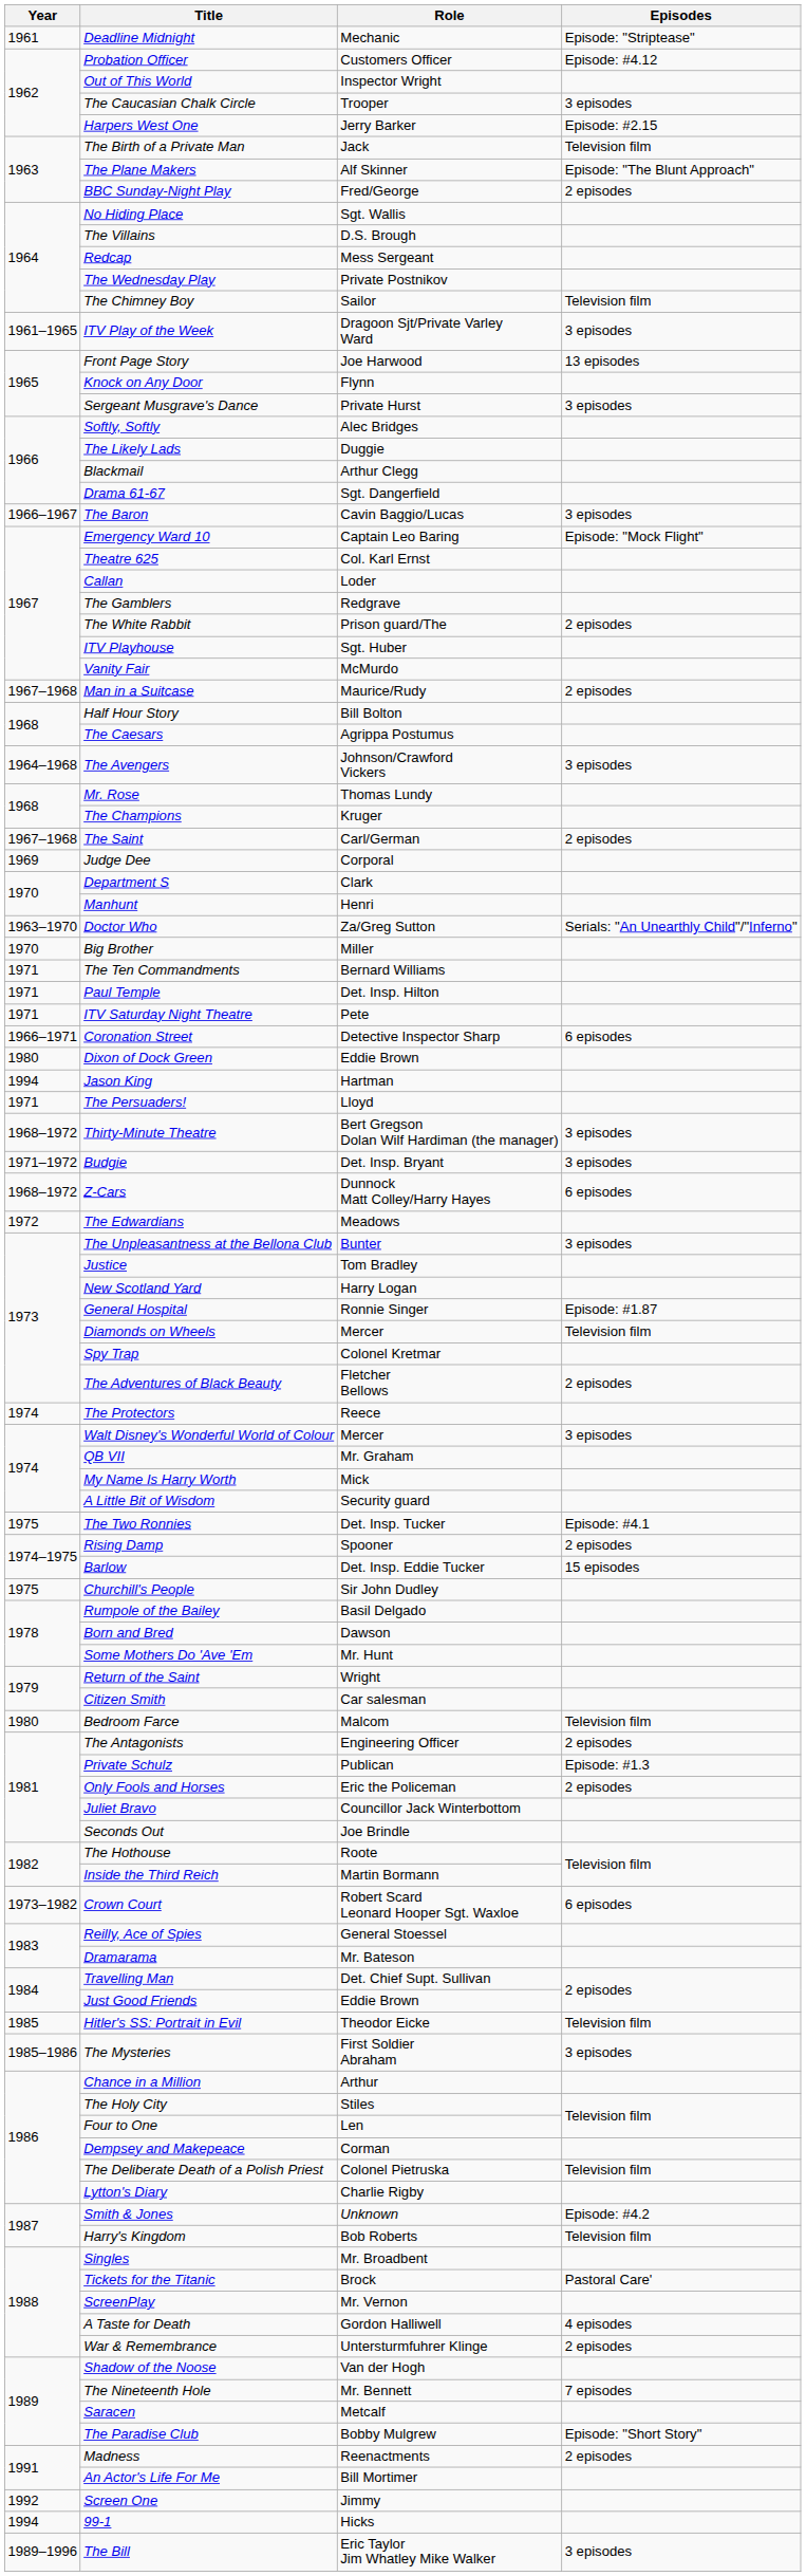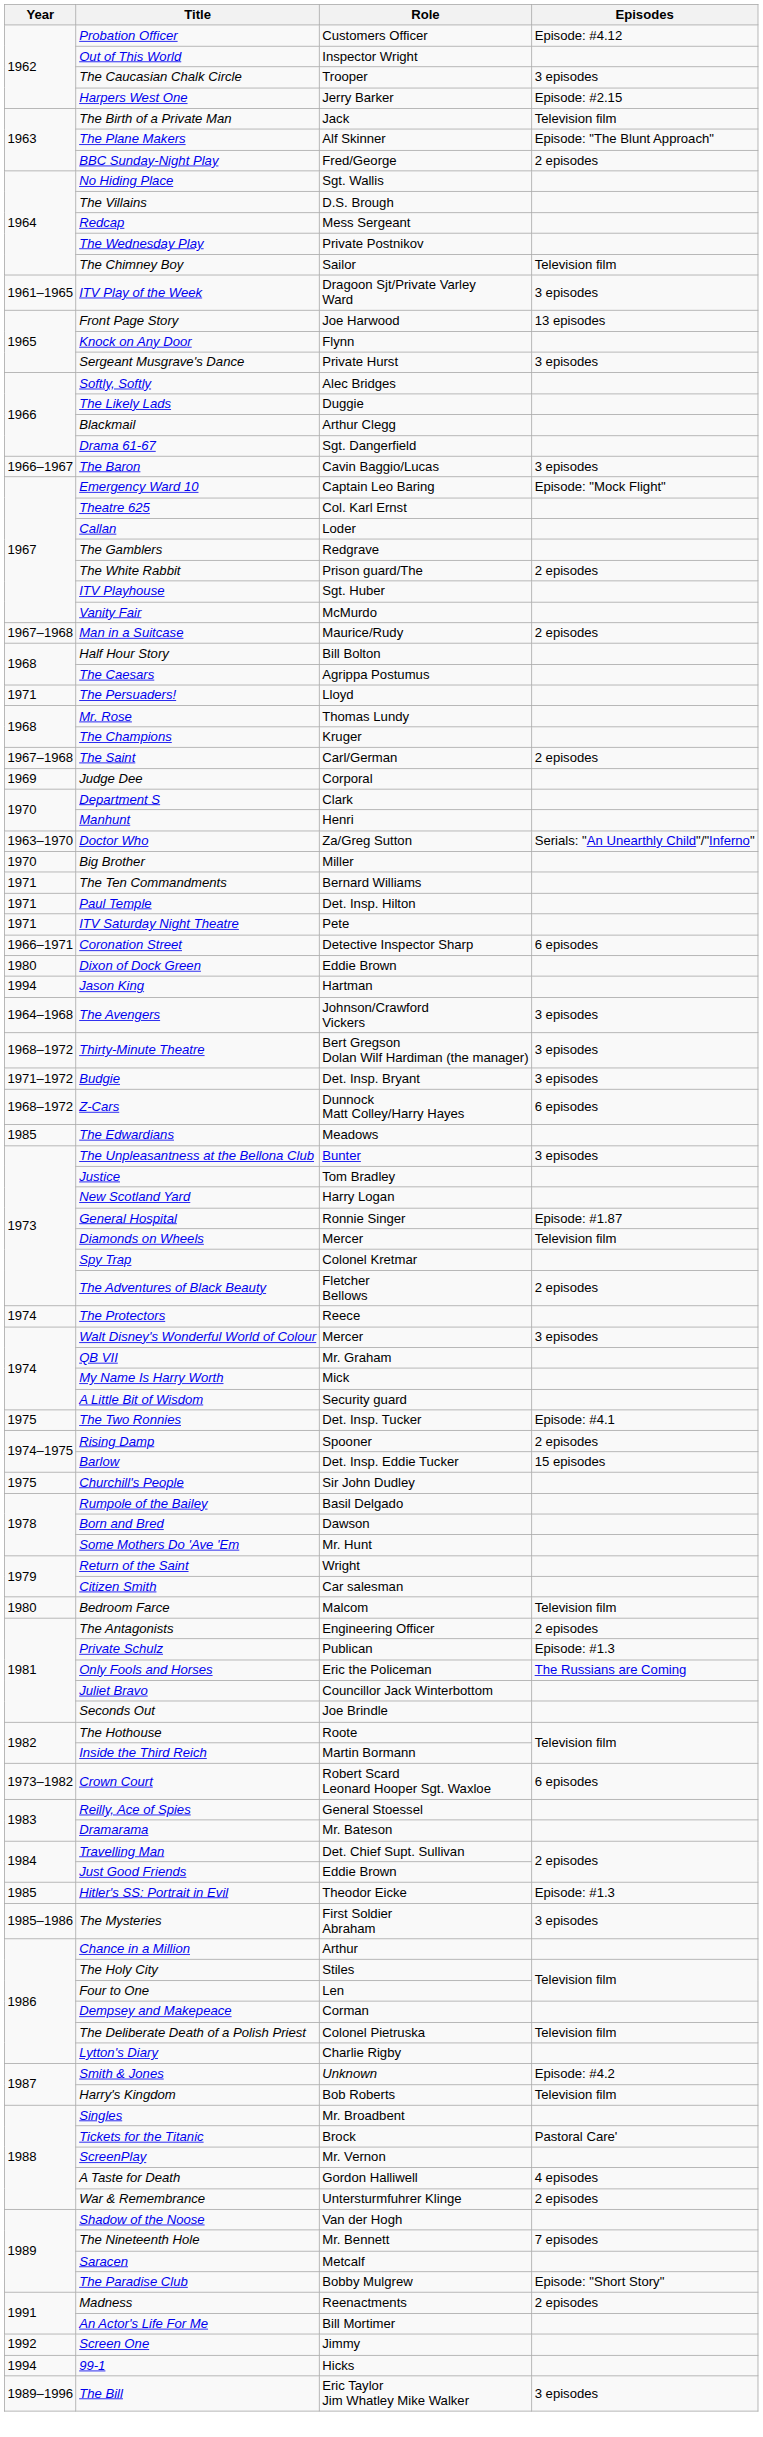 <table class="wikitable sortable jquery-tablesorter">
 <tr>
 <th>Year</th>
 <th>Title</th>
 <th>Role</th>
 <th>Episodes</th>
-</tr>
-<tr>
-<td>1961</td>
-<td><em><a href='#'>Deadline Midnight</a></em></td>
-<td>Mechanic</td>
-<td>Episode: "Striptease"</td>
 </tr>
 <tr>
 <td rowspan="4">1962</td>
 <td><em><a href='#'>Probation Officer</a></em></td>
 <td>Customers Officer</td>
 <td>Episode: #4.12</td>
 </tr>
 <tr>
 <td><em><a href='#'>Out of This World</a></em></td>
 <td>Inspector Wright</td>
 <td></td>
 </tr>
 <tr>
 <td><em>The Caucasian Chalk Circle</em></td>
 <td>Trooper</td>
 <td>3 episodes</td>
 </tr>
 <tr>
 <td><em><a href='#'>Harpers West One</a></em></td>
 <td>Jerry Barker</td>
 <td>Episode: #2.15</td>
 </tr>
 <tr>
 <td rowspan="3">1963</td>
 <td><em>The Birth of a Private Man</em></td>
 <td>Jack</td>
 <td>Television film</td>
 </tr>
 <tr>
 <td><em><a href='#'>The Plane Makers</a></em></td>
 <td>Alf Skinner</td>
 <td>Episode: "The Blunt Approach"</td>
 </tr>
 <tr>
 <td><em><a href='#'>BBC Sunday-Night Play</a></em></td>
 <td>Fred/George</td>
 <td>2 episodes</td>
 </tr>
 <tr>
 <td rowspan="5">1964</td>
 <td><em><a href='#'>No Hiding Place</a></em></td>
 <td>Sgt. Wallis</td>
 <td></td>
 </tr>
 <tr>
 <td><em>The Villains</em></td>
 <td>D.S. Brough</td>
 <td></td>
 </tr>
 <tr>
 <td><em><a href='#'>Redcap</a></em></td>
 <td>Mess Sergeant</td>
 <td></td>
 </tr>
 <tr>
 <td><em><a href='#'>The Wednesday Play</a></em></td>
 <td>Private Postnikov</td>
 <td></td>
 </tr>
 <tr>
 <td><em>The Chimney Boy</em></td>
 <td>Sailor</td>
 <td>Television film</td>
 </tr>
 <tr>
 <td>1961–1965</td>
 <td><em><a href='#'>ITV Play of the Week</a></em></td>
 <td>Dragoon Sjt/Private Varley<br>Ward</td>
 <td>3 episodes</td>
 </tr>
 <tr>
 <td rowspan="3">1965</td>
 <td><em>Front Page Story</em></td>
 <td>Joe Harwood</td>
 <td>13 episodes</td>
 </tr>
 <tr>
 <td><em><a href='#'>Knock on Any Door</a></em></td>
 <td>Flynn</td>
 <td></td>
 </tr>
 <tr>
 <td><em>Sergeant Musgrave's Dance</em></td>
 <td>Private Hurst</td>
 <td>3 episodes</td>
 </tr>
 <tr>
 <td rowspan="4">1966</td>
 <td><em><a href='#'>Softly, Softly</a></em></td>
 <td>Alec Bridges</td>
 <td></td>
 </tr>
 <tr>
 <td><em><a href='#'>The Likely Lads</a></em></td>
 <td>Duggie</td>
 <td></td>
 </tr>
 <tr>
 <td><em>Blackmail</em></td>
 <td>Arthur Clegg</td>
 <td></td>
 </tr>
 <tr>
 <td><em><a href='#'>Drama 61-67</a></em></td>
 <td>Sgt. Dangerfield</td>
 <td></td>
 </tr>
 <tr>
 <td>1966–1967</td>
 <td><em><a href='#'>The Baron</a></em></td>
 <td>Cavin Baggio/Lucas</td>
 <td>3 episodes</td>
 </tr>
 <tr>
 <td rowspan="7">1967</td>
 <td><em><a href='#'>Emergency Ward 10</a></em></td>
 <td>Captain Leo Baring</td>
 <td>Episode: "Mock Flight"</td>
 </tr>
 <tr>
 <td><em><a href='#'>Theatre 625</a></em></td>
 <td>Col. Karl Ernst</td>
 <td></td>
 </tr>
 <tr>
 <td><em><a href='#'>Callan</a></em></td>
 <td>Loder</td>
 <td></td>
 </tr>
 <tr>
 <td><em>The Gamblers</em></td>
 <td>Redgrave</td>
 <td></td>
 </tr>
 <tr>
 <td><em>The White Rabbit</em></td>
 <td>Prison guard/The</td>
 <td>2 episodes</td>
 </tr>
 <tr>
 <td><em><a href='#'>ITV Playhouse</a></em></td>
 <td>Sgt. Huber</td>
 <td></td>
 </tr>
 <tr>
 <td><em><a href='#'>Vanity Fair</a></em></td>
 <td>McMurdo</td>
 <td></td>
 </tr>
 <tr>
 <td>1967–1968</td>
 <td><em><a href='#'>Man in a Suitcase</a></em></td>
 <td>Maurice/Rudy</td>
 <td>2 episodes</td>
 </tr>
 <tr>
 <td rowspan="2">1968</td>
 <td><em>Half Hour Story</em></td>
 <td>Bill Bolton</td>
 <td></td>
 </tr>
 <tr>
 <td><em><a href='#'>The Caesars</a></em></td>
 <td>Agrippa Postumus</td>
 <td></td>
 </tr>
 <tr>
-<td>1964–1968</td>
-<td><em><a href='#'>The Avengers</a></em></td>
-<td>Johnson/Crawford<br>Vickers</td>
-<td>3 episodes</td>
+<td>1971</td>
+<td><em><a href='#'>The Persuaders!</a></em></td>
+<td>Lloyd</td>
+<td></td>
 </tr>
 <tr>
 <td rowspan="2">1968</td>
 <td><em><a href='#'>Mr. Rose</a></em></td>
 <td>Thomas Lundy</td>
 <td></td>
 </tr>
 <tr>
 <td><em><a href='#'>The Champions</a></em></td>
 <td>Kruger</td>
 <td></td>
 </tr>
 <tr>
 <td>1967–1968</td>
 <td><em><a href='#'>The Saint</a></em></td>
 <td>Carl/German</td>
 <td>2 episodes</td>
 </tr>
 <tr>
 <td>1969</td>
 <td><em>Judge Dee</em></td>
 <td>Corporal</td>
 <td></td>
 </tr>
 <tr>
 <td rowspan="2">1970</td>
 <td><em><a href='#'>Department S</a></em></td>
 <td>Clark</td>
 <td></td>
 </tr>
 <tr>
 <td><em><a href='#'>Manhunt</a></em></td>
 <td>Henri</td>
 <td></td>
 </tr>
 <tr>
 <td>1963–1970</td>
 <td><em><a href='#'>Doctor Who</a></em></td>
 <td>Za/Greg Sutton</td>
 <td>Serials: "<a href='#'>An Unearthly Child</a>"/"<a href='#'>Inferno</a>"</td>
 </tr>
 <tr>
 <td>1970</td>
 <td><em>Big Brother</em></td>
 <td>Miller</td>
 <td></td>
 </tr>
 <tr>
 <td>1971</td>
 <td><em>The Ten Commandments</em></td>
 <td>Bernard Williams</td>
 <td></td>
 </tr>
 <tr>
 <td>1971</td>
 <td><em><a href='#'>Paul Temple</a></em></td>
 <td>Det. Insp. Hilton</td>
 <td></td>
 </tr>
 <tr>
 <td>1971</td>
 <td><em><a href='#'>ITV Saturday Night Theatre</a></em></td>
 <td>Pete</td>
 <td></td>
 </tr>
 <tr>
 <td>1966–1971</td>
 <td><em><a href='#'>Coronation Street</a></em></td>
 <td>Detective Inspector Sharp</td>
 <td>6 episodes</td>
 </tr>
 <tr>
 <td>1980</td>
 <td><em><a href='#'>Dixon of Dock Green</a></em></td>
 <td>Eddie Brown</td>
 <td></td>
 </tr>
 <tr>
 <td>1994</td>
 <td><em><a href='#'>Jason King</a></em></td>
 <td>Hartman</td>
 <td></td>
 </tr>
 <tr>
-<td>1971</td>
-<td><em><a href='#'>The Persuaders!</a></em></td>
-<td>Lloyd</td>
-<td></td>
+<td>1964–1968</td>
+<td><em><a href='#'>The Avengers</a></em></td>
+<td>Johnson/Crawford<br>Vickers</td>
+<td>3 episodes</td>
 </tr>
 <tr>
 <td>1968–1972</td>
 <td><em><a href='#'>Thirty-Minute Theatre</a></em></td>
 <td>Bert Gregson<br>Dolan Wilf Hardiman (the manager)</td>
 <td>3 episodes</td>
 </tr>
 <tr>
 <td>1971–1972</td>
 <td><em><a href='#'>Budgie</a></em></td>
 <td>Det. Insp. Bryant</td>
 <td>3 episodes</td>
 </tr>
 <tr>
 <td>1968–1972</td>
 <td><em><a href='#'>Z-Cars</a></em></td>
 <td>Dunnock<br>Matt Colley/Harry Hayes</td>
 <td>6 episodes</td>
 </tr>
 <tr>
-<td>1972</td>
+<td>1985</td>
 <td><em><a href='#'>The Edwardians</a></em></td>
 <td>Meadows</td>
 <td></td>
 </tr>
 <tr>
 <td rowspan="7">1973</td>
 <td><em><a href='#'>The Unpleasantness at the Bellona Club</a></em></td>
 <td><a href='#'>Bunter</a></td>
 <td>3 episodes</td>
 </tr>
 <tr>
 <td><em><a href='#'>Justice</a></em></td>
 <td>Tom Bradley</td>
 <td></td>
 </tr>
 <tr>
 <td><em><a href='#'>New Scotland Yard</a></em></td>
 <td>Harry Logan</td>
 <td></td>
 </tr>
 <tr>
 <td><em><a href='#'>General Hospital</a></em></td>
 <td>Ronnie Singer</td>
 <td>Episode: #1.87</td>
 </tr>
 <tr>
 <td><em><a href='#'>Diamonds on Wheels</a></em></td>
 <td>Mercer</td>
 <td>Television film</td>
 </tr>
 <tr>
 <td><em><a href='#'>Spy Trap</a></em></td>
 <td>Colonel Kretmar</td>
 <td></td>
 </tr>
 <tr>
 <td><em><a href='#'>The Adventures of Black Beauty</a></em></td>
 <td>Fletcher<br>Bellows</td>
 <td>2 episodes</td>
 </tr>
 <tr>
 <td>1974</td>
 <td><em><a href='#'>The Protectors</a></em></td>
 <td>Reece</td>
 <td></td>
 </tr>
 <tr>
 <td rowspan="4">1974</td>
 <td><em><a href='#'>Walt Disney's Wonderful World of Colour</a></em></td>
 <td>Mercer</td>
 <td>3 episodes</td>
 </tr>
 <tr>
 <td><em><a href='#'>QB VII</a></em></td>
 <td>Mr. Graham</td>
 <td></td>
 </tr>
 <tr>
 <td><em><a href='#'>My Name Is Harry Worth</a></em></td>
 <td>Mick</td>
 <td></td>
 </tr>
 <tr>
 <td><em><a href='#'>A Little Bit of Wisdom</a></em></td>
 <td>Security guard</td>
 <td></td>
 </tr>
 <tr>
 <td>1975</td>
 <td><em><a href='#'>The Two Ronnies</a></em></td>
 <td>Det. Insp. Tucker</td>
 <td>Episode: #4.1</td>
 </tr>
 <tr>
 <td rowspan="2">1974–1975</td>
 <td><em><a href='#'>Rising Damp</a></em></td>
 <td>Spooner</td>
 <td>2 episodes</td>
 </tr>
 <tr>
 <td><a href='#'><em>Barlow</em></a></td>
 <td>Det. Insp. Eddie Tucker</td>
 <td>15 episodes</td>
 </tr>
 <tr>
 <td>1975</td>
 <td><em><a href='#'>Churchill's People</a></em></td>
 <td>Sir John Dudley</td>
 <td></td>
 </tr>
 <tr>
 <td rowspan="3">1978</td>
 <td><em><a href='#'>Rumpole of the Bailey</a></em></td>
 <td>Basil Delgado</td>
 <td></td>
 </tr>
 <tr>
 <td><em><a href='#'>Born and Bred</a></em></td>
 <td>Dawson</td>
 <td></td>
 </tr>
 <tr>
 <td><em><a href='#'>Some Mothers Do 'Ave 'Em</a></em></td>
 <td>Mr. Hunt</td>
 <td></td>
 </tr>
 <tr>
 <td rowspan="2">1979</td>
 <td><em><a href='#'>Return of the Saint</a></em></td>
 <td>Wright</td>
 <td></td>
 </tr>
 <tr>
 <td><em><a href='#'>Citizen Smith</a></em></td>
 <td>Car salesman</td>
 <td></td>
 </tr>
 <tr>
 <td>1980</td>
 <td><em>Bedroom Farce</em></td>
 <td>Malcom</td>
 <td>Television film</td>
 </tr>
 <tr>
 <td rowspan="5">1981</td>
 <td><em>The Antagonists</em></td>
 <td>Engineering Officer</td>
 <td>2 episodes</td>
 </tr>
 <tr>
 <td><em><a href='#'>Private Schulz</a></em></td>
 <td>Publican</td>
 <td>Episode: #1.3</td>
 </tr>
 <tr>
 <td><em><a href='#'>Only Fools and Horses</a></em></td>
 <td>Eric the Policeman</td>
-<td>2 episodes</td>
+<td><a href='#'>The Russians are Coming</a></td>
 </tr>
 <tr>
 <td><em><a href='#'>Juliet Bravo</a></em></td>
 <td>Councillor Jack Winterbottom</td>
 <td></td>
 </tr>
 <tr>
 <td><em>Seconds Out</em></td>
 <td>Joe Brindle</td>
 <td></td>
 </tr>
 <tr>
 <td rowspan="2">1982</td>
 <td><em>The Hothouse</em></td>
 <td>Roote</td>
 <td rowspan="2">Television film</td>
 </tr>
 <tr>
 <td><em><a href='#'>Inside the Third Reich</a></em></td>
 <td>Martin Bormann</td>
 </tr>
 <tr>
 <td>1973–1982</td>
 <td><em><a href='#'>Crown Court</a></em></td>
 <td>Robert Scard<br>Leonard Hooper Sgt. Waxloe</td>
 <td>6 episodes</td>
 </tr>
 <tr>
 <td rowspan="2">1983</td>
 <td><em><a href='#'>Reilly, Ace of Spies</a></em></td>
 <td>General Stoessel</td>
 <td></td>
 </tr>
 <tr>
 <td><em><a href='#'>Dramarama</a></em></td>
 <td>Mr. Bateson</td>
 <td></td>
 </tr>
 <tr>
 <td rowspan="2">1984</td>
 <td><em><a href='#'>Travelling Man</a></em></td>
 <td>Det. Chief Supt. Sullivan</td>
 <td rowspan="2">2 episodes</td>
 </tr>
 <tr>
 <td><em><a href='#'>Just Good Friends</a></em></td>
 <td>Eddie Brown</td>
 </tr>
 <tr>
 <td>1985</td>
 <td><em><a href='#'>Hitler's SS: Portrait in Evil</a></em></td>
 <td>Theodor Eicke</td>
-<td>Television film</td>
+<td>Episode: #1.3</td>
 </tr>
 <tr>
 <td>1985–1986</td>
 <td><em>The Mysteries</em></td>
 <td>First Soldier<br>Abraham</td>
 <td>3 episodes</td>
 </tr>
 <tr>
 <td rowspan="6">1986</td>
 <td><em><a href='#'>Chance in a Million</a></em></td>
 <td>Arthur</td>
 <td></td>
 </tr>
 <tr>
 <td><em>The Holy City</em></td>
 <td>Stiles</td>
 <td rowspan="2">Television film</td>
 </tr>
 <tr>
 <td><em>Four to One</em></td>
 <td>Len</td>
 </tr>
 <tr>
 <td><em><a href='#'>Dempsey and Makepeace</a></em></td>
 <td>Corman</td>
 <td></td>
 </tr>
 <tr>
 <td><em>The Deliberate Death of a Polish Priest</em></td>
 <td>Colonel Pietruska</td>
 <td>Television film</td>
 </tr>
 <tr>
 <td><em><a href='#'>Lytton's Diary</a></em></td>
 <td>Charlie Rigby</td>
 <td></td>
 </tr>
 <tr>
 <td rowspan="2">1987</td>
 <td><em><a href='#'>Smith & Jones</a></em></td>
 <td><em>Unknown</em></td>
 <td>Episode: #4.2</td>
 </tr>
 <tr>
 <td><em>Harry's Kingdom</em></td>
 <td>Bob Roberts</td>
 <td>Television film</td>
 </tr>
 <tr>
 <td rowspan="5">1988</td>
 <td><em><a href='#'>Singles</a></em></td>
 <td>Mr. Broadbent</td>
 <td></td>
 </tr>
 <tr>
 <td><em><a href='#'>Tickets for the Titanic</a></em></td>
 <td>Brock</td>
 <td>Pastoral Care'</td>
 </tr>
 <tr>
 <td><em><a href='#'>ScreenPlay</a></em></td>
 <td>Mr. Vernon</td>
 <td></td>
 </tr>
 <tr>
 <td><em>A Taste for Death</em></td>
 <td>Gordon Halliwell</td>
 <td>4 episodes</td>
 </tr>
 <tr>
 <td><em>War & Remembrance</em></td>
 <td>Untersturmfuhrer Klinge</td>
 <td>2 episodes</td>
 </tr>
 <tr>
 <td rowspan="4">1989</td>
 <td><em><a href='#'>Shadow of the Noose</a></em></td>
 <td>Van der Hogh</td>
 <td></td>
 </tr>
 <tr>
 <td><em>The Nineteenth Hole</em></td>
 <td>Mr. Bennett</td>
 <td>7 episodes</td>
 </tr>
 <tr>
 <td><em><a href='#'>Saracen</a></em></td>
 <td>Metcalf</td>
 <td></td>
 </tr>
 <tr>
 <td><em><a href='#'>The Paradise Club</a></em></td>
 <td>Bobby Mulgrew</td>
 <td>Episode: "Short Story"</td>
 </tr>
 <tr>
 <td rowspan="2">1991</td>
 <td><em>Madness</em></td>
 <td>Reenactments</td>
 <td>2 episodes</td>
 </tr>
 <tr>
 <td><em><a href='#'>An Actor's Life For Me</a></em></td>
 <td>Bill Mortimer</td>
 <td></td>
 </tr>
 <tr>
 <td>1992</td>
 <td><em><a href='#'>Screen One</a></em></td>
 <td>Jimmy</td>
 <td></td>
 </tr>
 <tr>
 <td>1994</td>
 <td><em><a href='#'>99-1</a></em></td>
 <td>Hicks</td>
 <td></td>
 </tr>
 <tr>
 <td>1989–1996</td>
 <td><em><a href='#'>The Bill</a></em></td>
 <td>Eric Taylor<br>Jim Whatley Mike Walker</td>
 <td>3 episodes</td>
 </tr>
 </table>
